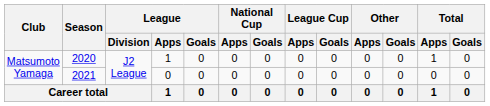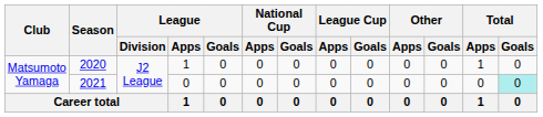 <table class="wikitable" style="text-align: center">
 <tr>
 <th rowspan="2">Club</th>
 <th rowspan="2">Season</th>
 <th colspan="3">League</th>
 <th colspan="2">National Cup</th>
 <th colspan="2">League Cup</th>
 <th colspan="2">Other</th>
 <th colspan="2">Total</th>
 </tr>
 <tr>
 <th>Division</th>
 <th>Apps</th>
 <th>Goals</th>
 <th>Apps</th>
 <th>Goals</th>
 <th>Apps</th>
 <th>Goals</th>
 <th>Apps</th>
 <th>Goals</th>
 <th>Apps</th>
 <th>Goals</th>
 </tr>
 <tr>
 <td rowspan="2"><a href='#'>Matsumoto Yamaga</a></td>
 <td><a href='#'>2020</a></td>
 <td rowspan="2"><a href='#'>J2 League</a></td>
 <td>1</td>
 <td>0</td>
 <td>0</td>
 <td>0</td>
 <td>0</td>
 <td>0</td>
 <td>0</td>
 <td>0</td>
 <td>1</td>
 <td>0</td>
 </tr>
 <tr>
 <td><a href='#'>2021</a></td>
 <td>0</td>
 <td>0</td>
 <td>0</td>
 <td>0</td>
 <td>0</td>
 <td>0</td>
 <td>0</td>
 <td>0</td>
 <td>0</td>
-<td>0</td>
+<td style="background: paleturquoise;">0</td>
 </tr>
 <tr>
 <th colspan=3>Career total</th>
 <th>1</th>
 <th>0</th>
 <th>0</th>
 <th>0</th>
 <th>0</th>
 <th>0</th>
 <th>0</th>
 <th>0</th>
 <th>1</th>
 <th>0</th>
 </tr>
 </table>
